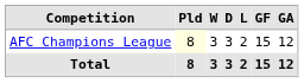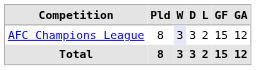 <table align=left cellspacing="0" cellpadding="3" style="border:1px solid #AAAAAA;font-size:90%">
 <tr bgcolor="#E4E4E4">
 <th style="border-bottom:1px solid #AAAAAA">Competition</th>
 <th style="border-bottom:1px solid #AAAAAA" align="center">Pld</th>
 <th style="border-bottom:1px solid #AAAAAA" align="center">W</th>
 <th style="border-bottom:1px solid #AAAAAA" align="center">D</th>
 <th style="border-bottom:1px solid #AAAAAA" align="center">L</th>
 <th style="border-bottom:1px solid #AAAAAA" align="center">GF</th>
 <th style="border-bottom:1px solid #AAAAAA" align="center">GA</th>
 </tr>
 <tr>
 <td><a href='#'>AFC Champions League</a></td>
-<td align="center" style="background: lightyellow;">8</td>
-<td align="center">3</td>
+<td align="center">8</td>
+<td align="center" style="background: lavender;">3</td>
 <td align="center">3</td>
 <td align="center">2</td>
 <td align="center">15</td>
 <td align="center">12</td>
 </tr>
 <tr>
 </tr>
 <tr style="background:#E4E4E4;">
 <th ! colspan="1"  align="centre">Total</th>
 <th>8</th>
 <th>3</th>
 <th>3</th>
 <th>2</th>
 <th>15</th>
 <th>12</th>
 </tr>
 <tr>
 </tr>
 </table>
